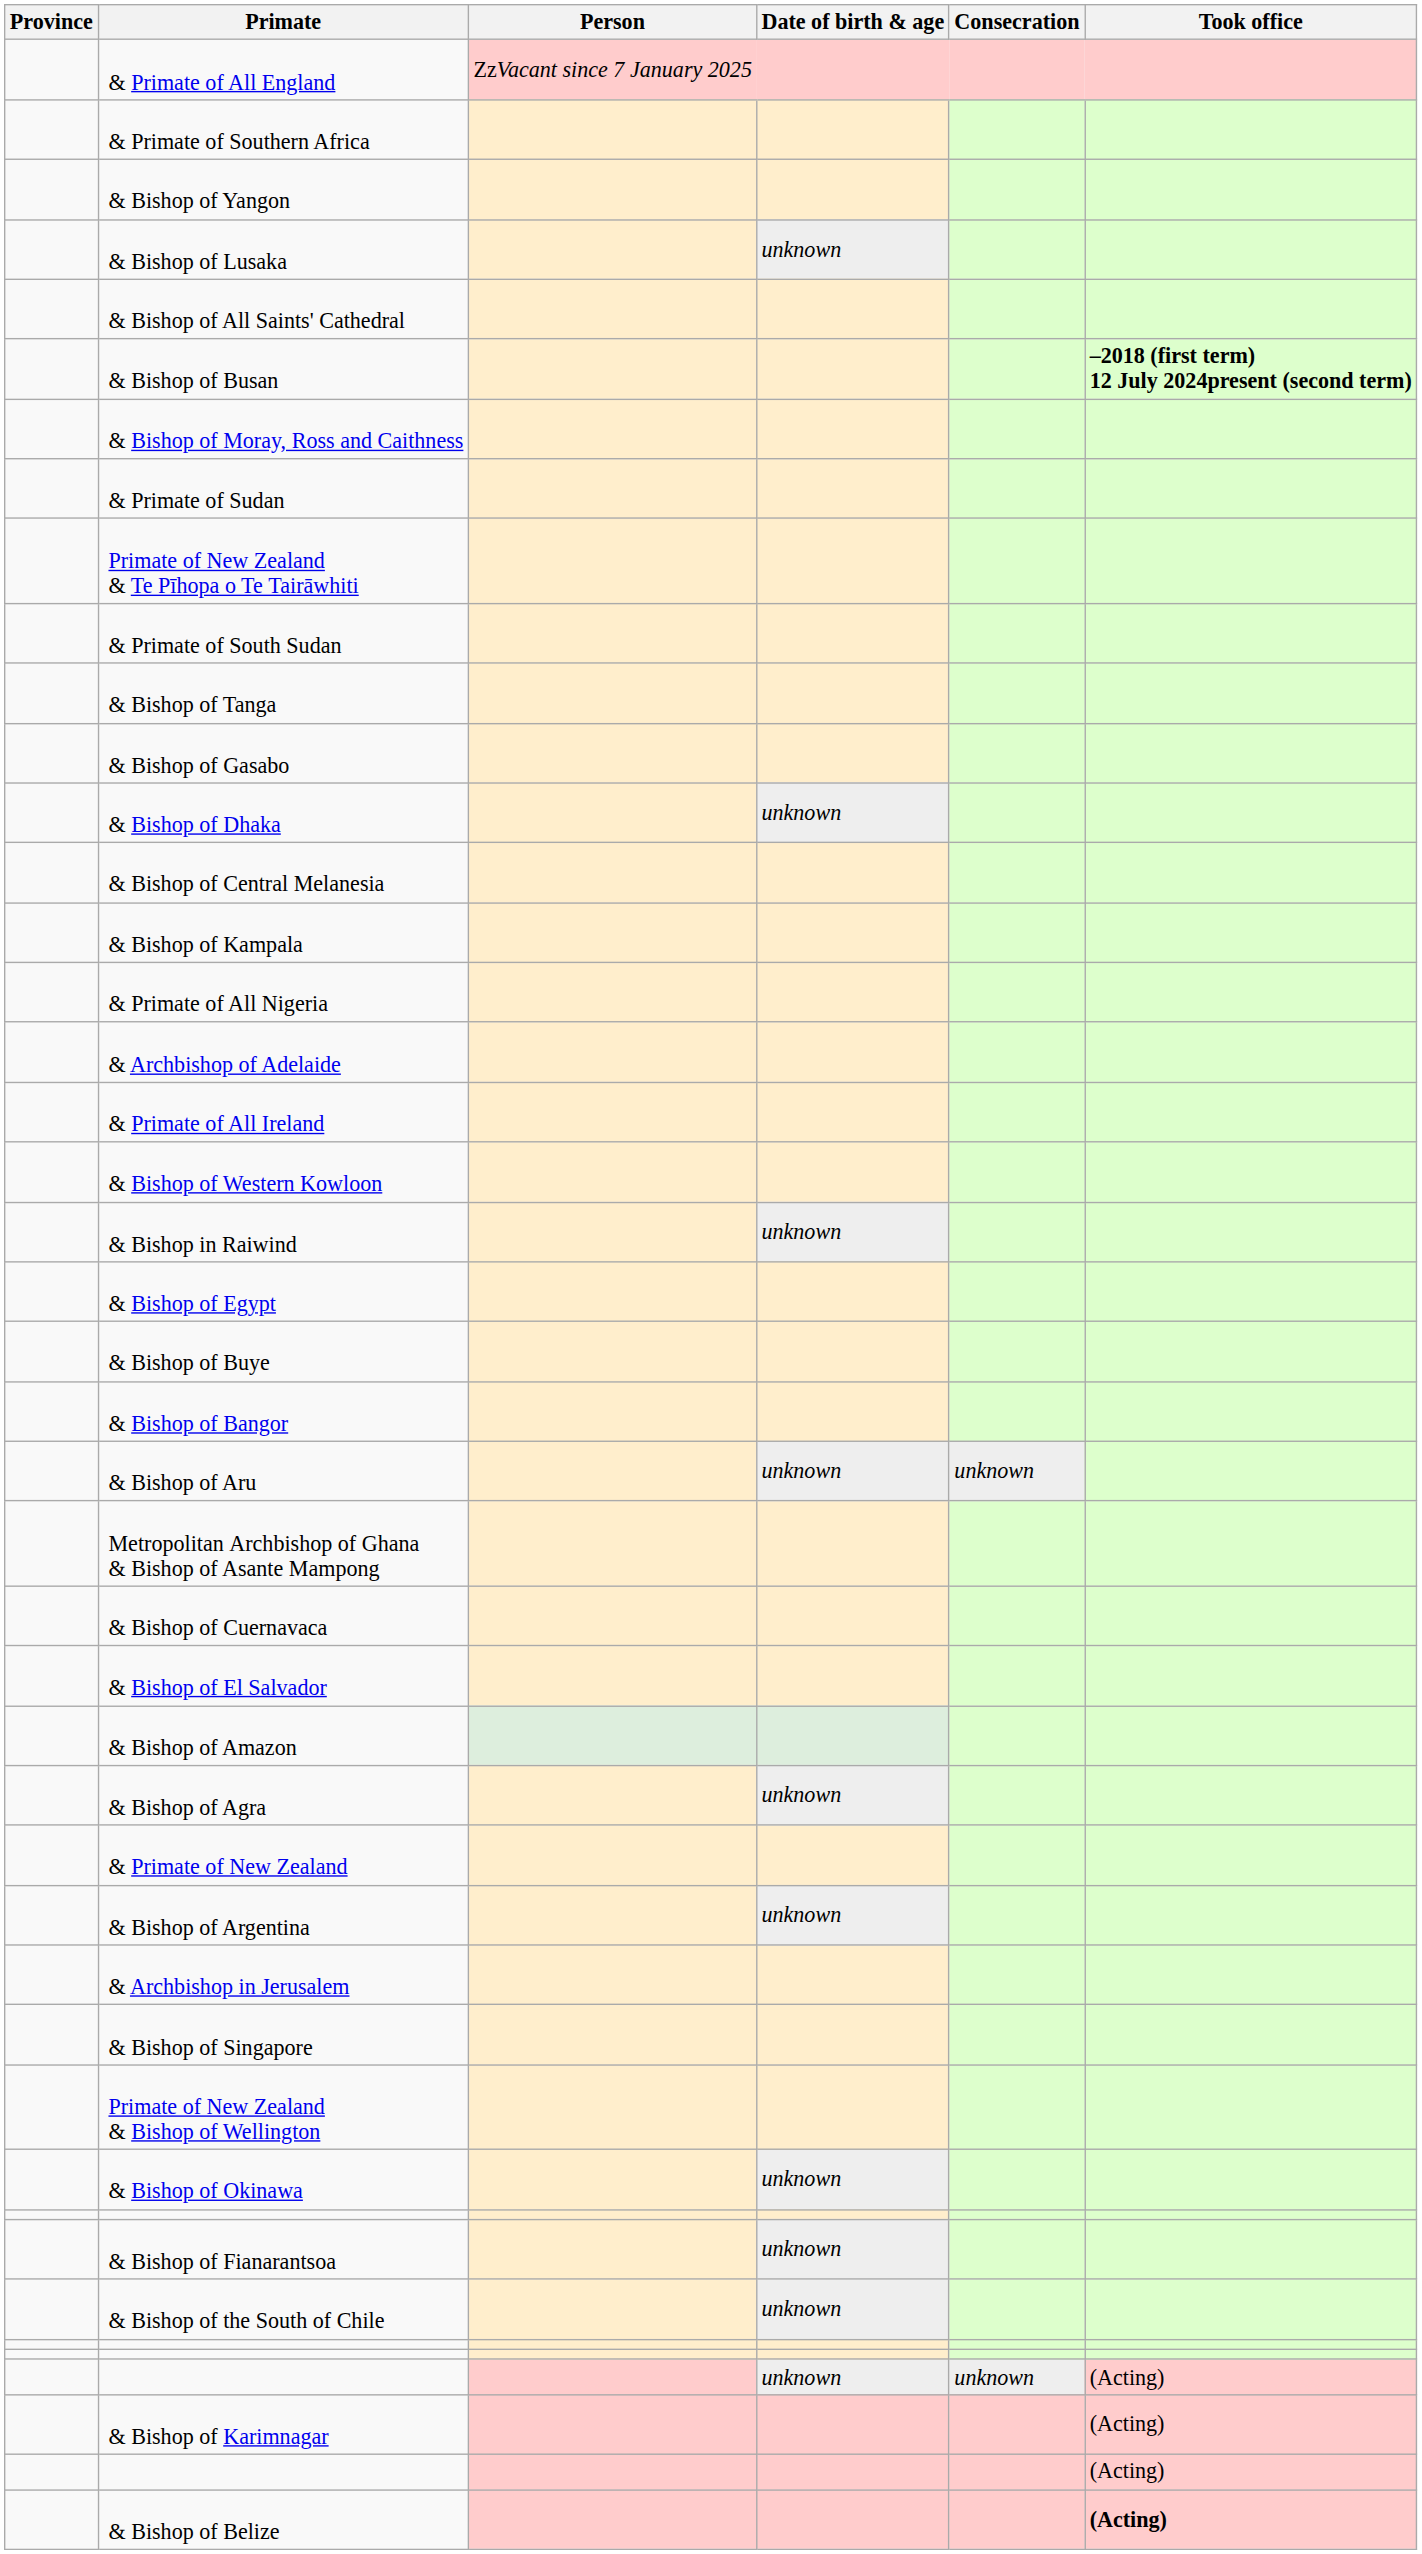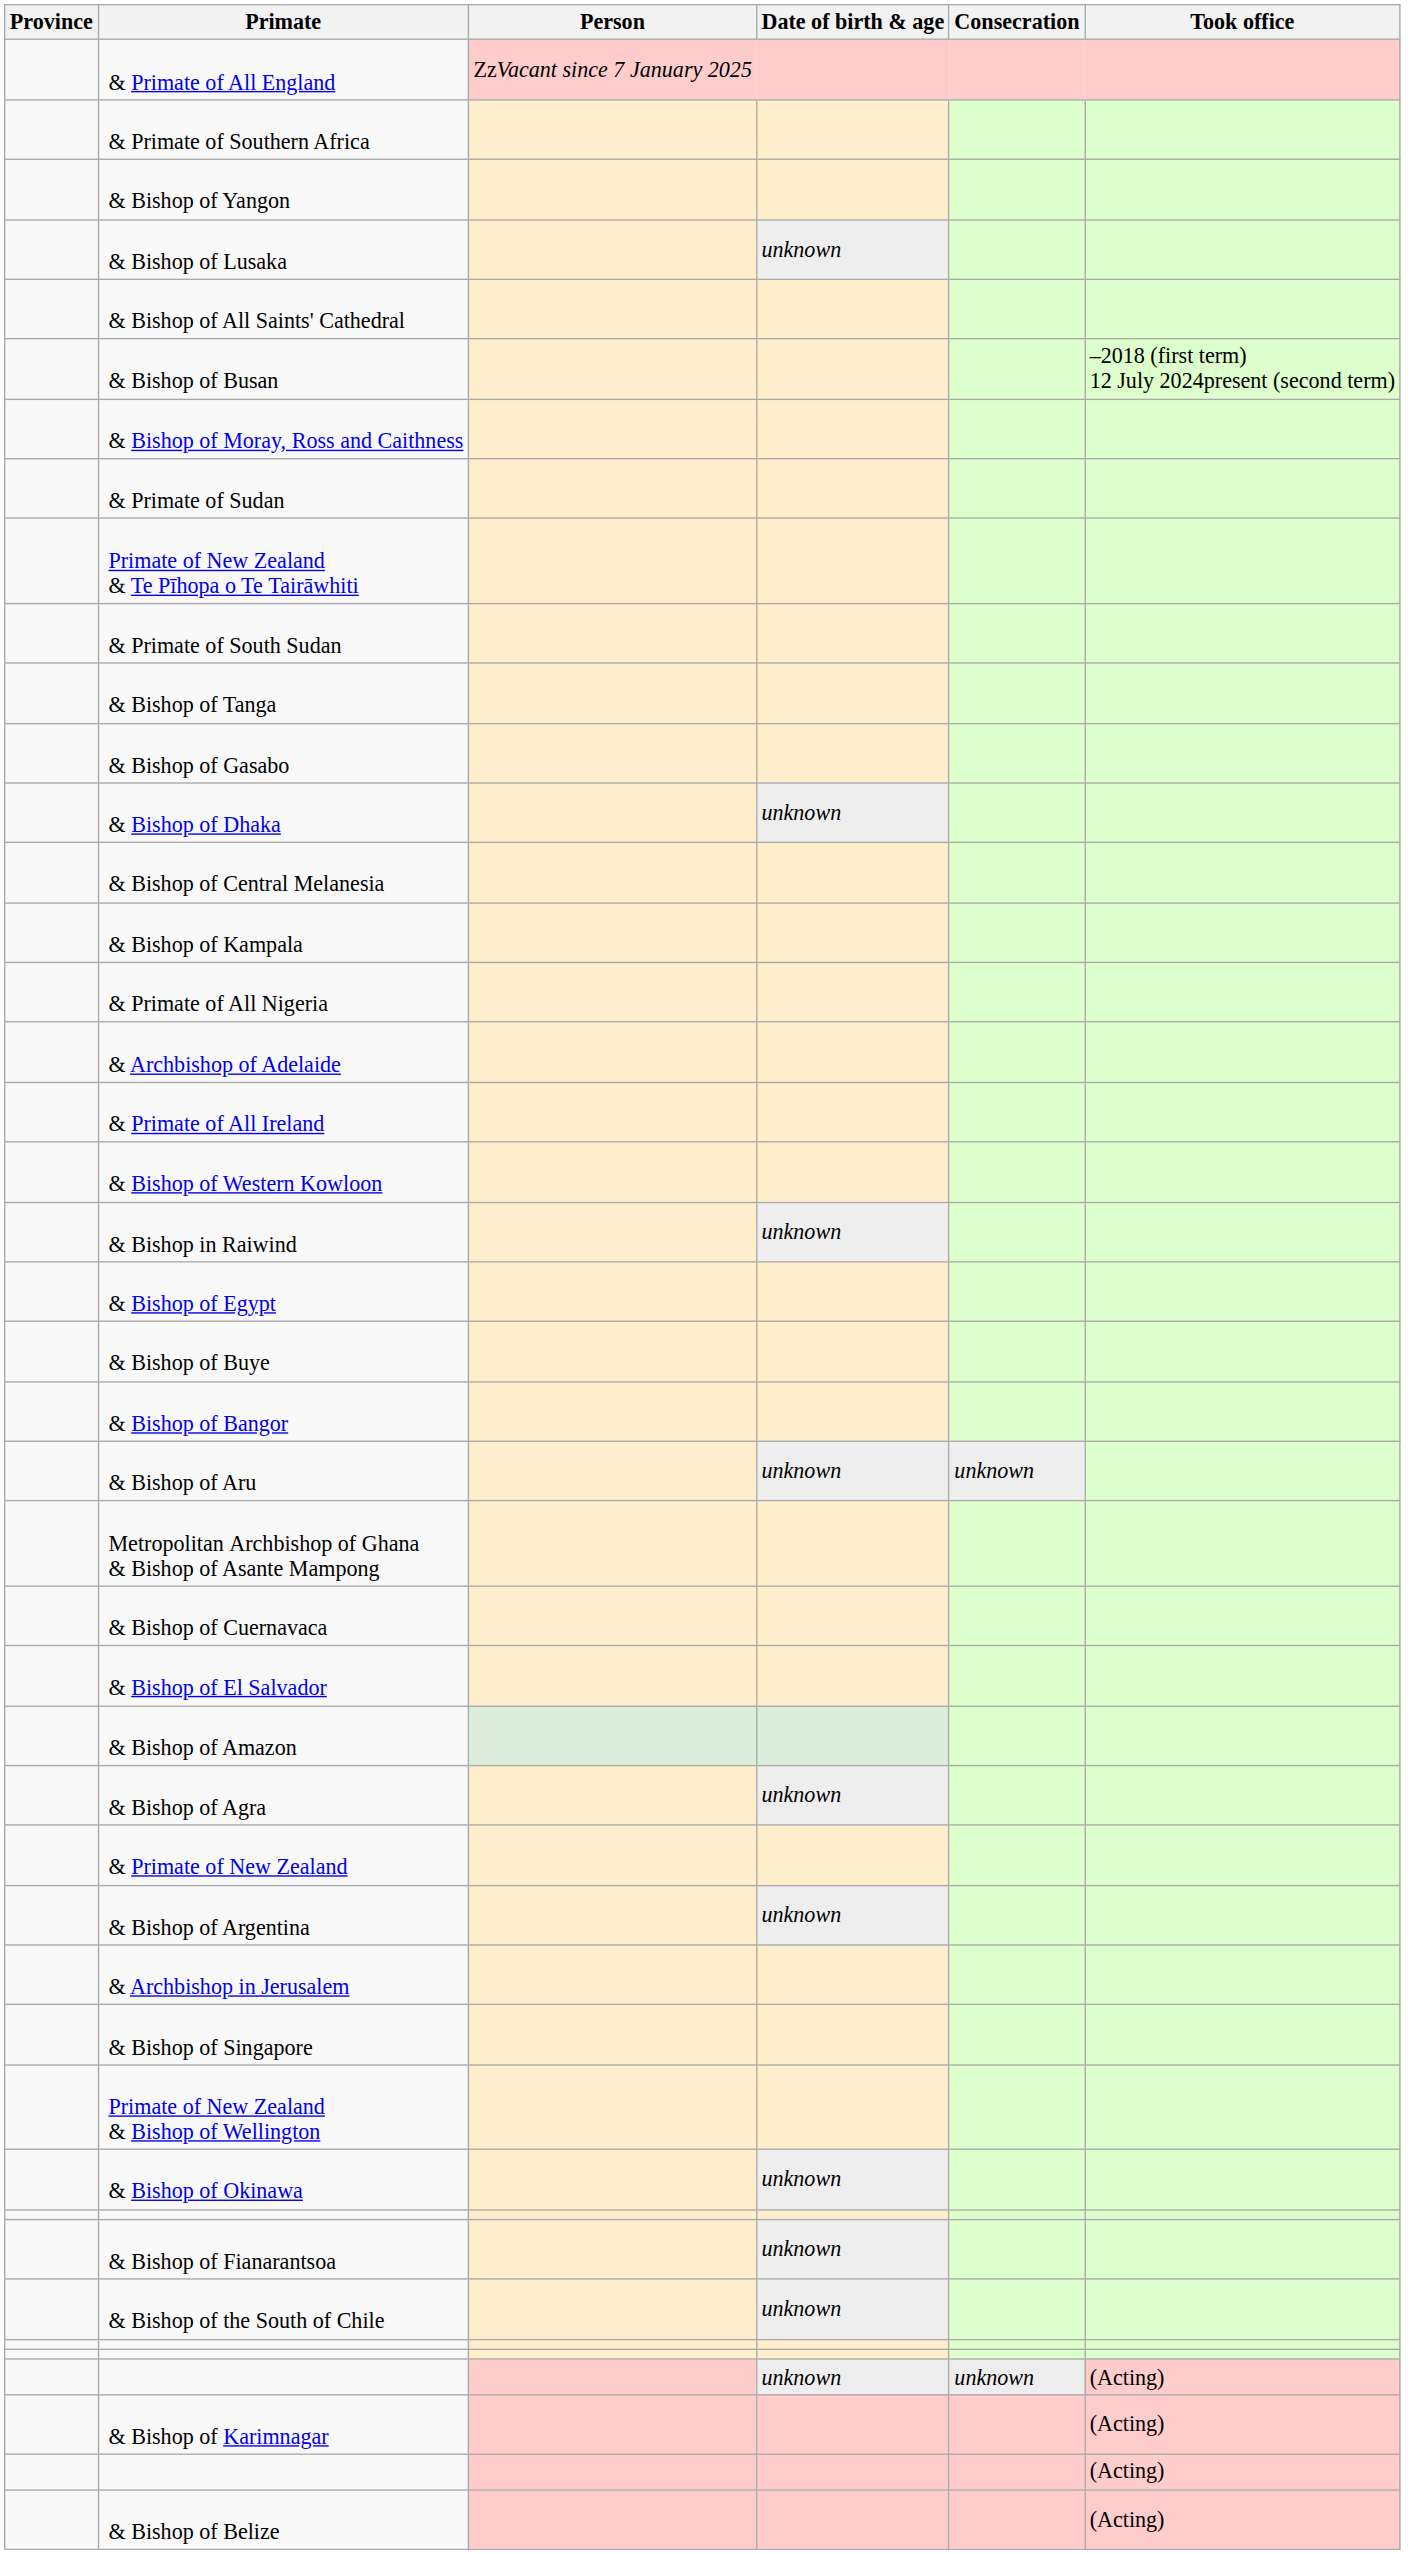 <table class="wikitable sortable">
 <tr>
 <th>Province</th>
 <th>Primate</th>
 <th>Person</th>
 <th>Date of birth & age</th>
 <th>Consecration</th>
 <th>Took office</th>
 </tr>
 <tr>
 <td></td>
 <td><br> & <a href='#'>Primate of All England</a></td>
 <td style="background: #FFCCCC;"><span>Zz</span><em>Vacant since 7 January 2025</em></td>
 <td style="background: #FFCCCC; border-left: 2px solid white; border-left-style: hidden;"><span></span></td>
 <td style="background: #FFCCCC; border-left: 2px solid white; border-left-style: hidden;"><span></span></td>
 <td style="background: #FFCCCC; border-left: 2px solid white; border-left-style: hidden;"><span></span></td>
 </tr>
 <tr>
 <td></td>
 <td><br> & Primate of Southern Africa</td>
 <td style="background:#fec;"></td>
 <td style="background:#fec;"></td>
 <td style="background:#dfc;"></td>
 <td style="background:#dfc;"></td>
 </tr>
 <tr>
 <td></td>
 <td><br> & Bishop of Yangon</td>
 <td style="background:#fec;"></td>
 <td style="background:#fec;"></td>
 <td style="background:#dfc;"></td>
 <td style="background:#dfc;"></td>
 </tr>
 <tr>
 <td></td>
 <td><br> & Bishop of Lusaka</td>
 <td style="background:#fec;"></td>
 <td style="background:#eee;"><em>unknown</em></td>
 <td style="background:#dfc;"></td>
 <td style="background:#dfc;"></td>
 </tr>
 <tr>
 <td></td>
 <td><br> & Bishop of All Saints' Cathedral</td>
 <td style="background:#fec;"></td>
 <td style="background:#fec;"></td>
 <td style="background:#dfc;"></td>
 <td style="background:#dfc;"></td>
 </tr>
 <tr>
 <td></td>
 <td><br> & Bishop of Busan</td>
 <td style="background:#fec;"></td>
 <td style="background:#fec;"></td>
 <td style="background:#dfc;"></td>
-<td style="background:#dfc;"><strong>–2018 (first term)<br>12 July 2024present (second term)</strong></td>
+<td style="background:#dfc;">–2018 (first term)<br>12 July 2024present (second term)</td>
 </tr>
 <tr>
 <td></td>
 <td><br> & <a href='#'>Bishop of Moray, Ross and Caithness</a></td>
 <td style="background:#fec;"></td>
 <td style="background:#fec;"></td>
 <td style="background:#dfc;"></td>
 <td style="background:#dfc;"></td>
 </tr>
 <tr>
 <td></td>
 <td><br> & Primate of Sudan</td>
 <td style="background:#fec;"></td>
 <td style="background:#fec;"></td>
 <td style="background:#dfc;"></td>
 <td style="background:#dfc;"></td>
 </tr>
 <tr>
 <td></td>
 <td><br> <a href='#'>Primate of New&nbsp;Zealand</a><br> & <a href='#'>Te&nbsp;Pīhopa o Te&nbsp;Tairāwhiti</a></td>
 <td style="background:#fec;"></td>
 <td style="background:#fec;"></td>
 <td style="background:#dfc;"></td>
 <td style="background:#dfc;"></td>
 </tr>
 <tr>
 <td></td>
 <td><br> & Primate of South Sudan</td>
 <td style="background:#fec;"></td>
 <td style="background:#fec;"></td>
 <td style="background:#dfc;"></td>
 <td style="background:#dfc;"></td>
 </tr>
 <tr>
 <td></td>
 <td><br> & Bishop of Tanga</td>
 <td style="background:#fec;"></td>
 <td style="background:#fec;"></td>
 <td style="background:#dfc;"></td>
 <td style="background:#dfc;"></td>
 </tr>
 <tr>
 <td></td>
 <td><br> & Bishop of Gasabo</td>
 <td style="background:#fec;"></td>
 <td style="background:#fec;"></td>
 <td style="background:#dfc;"></td>
 <td style="background:#dfc;"></td>
 </tr>
 <tr>
 <td></td>
 <td><br> & <a href='#'>Bishop of Dhaka</a></td>
 <td style="background:#fec;"></td>
 <td style="background:#eee;"><em>unknown</em></td>
 <td style="background:#dfc;"></td>
 <td style="background:#dfc;"></td>
 </tr>
 <tr>
 <td></td>
 <td><br> & Bishop of Central Melanesia</td>
 <td style="background:#fec;"></td>
 <td style="background:#fec;"></td>
 <td style="background:#dfc;"></td>
 <td style="background:#dfc;"></td>
 </tr>
 <tr>
 <td></td>
 <td><br> & Bishop of Kampala</td>
 <td style="background:#fec;"></td>
 <td style="background:#fec;"></td>
 <td style="background:#dfc;"></td>
 <td style="background:#dfc;"></td>
 </tr>
 <tr>
 <td></td>
 <td><br> & Primate of All Nigeria</td>
 <td style="background:#fec;"></td>
 <td style="background:#fec;"></td>
 <td style="background:#dfc;"></td>
 <td style="background:#dfc;"></td>
 </tr>
 <tr>
 <td></td>
 <td><br> & <a href='#'>Archbishop of Adelaide</a></td>
 <td style="background:#fec;"></td>
 <td style="background:#fec;"></td>
 <td style="background:#dfc;"></td>
 <td style="background:#dfc;"></td>
 </tr>
 <tr>
 <td></td>
 <td><br> & <a href='#'>Primate of All Ireland</a></td>
 <td style="background:#fec;"></td>
 <td style="background:#fec;"></td>
 <td style="background:#dfc;"></td>
 <td style="background:#dfc;"></td>
 </tr>
 <tr>
 <td></td>
 <td><br> & <a href='#'>Bishop of Western Kowloon</a></td>
 <td style="background:#fec;"></td>
 <td style="background:#fec;"></td>
 <td style="background:#dfc;"></td>
 <td style="background:#dfc;"></td>
 </tr>
 <tr>
 <td></td>
 <td><br> & Bishop in Raiwind</td>
 <td style="background:#fec;"></td>
 <td style="background:#eee;"><em>unknown</em></td>
 <td style="background:#dfc;"></td>
 <td style="background:#dfc;"></td>
 </tr>
 <tr>
 <td></td>
 <td><br> & <a href='#'>Bishop of Egypt</a></td>
 <td style="background:#fec;"></td>
 <td style="background:#fec;"></td>
 <td style="background:#dfc;"></td>
 <td style="background:#dfc;"></td>
 </tr>
 <tr>
 <td></td>
 <td><br> & Bishop of Buye</td>
 <td style="background:#fec;"></td>
 <td style="background:#fec;"></td>
 <td style="background:#dfc;"></td>
 <td style="background:#dfc;"></td>
 </tr>
 <tr>
 <td></td>
 <td><br> & <a href='#'>Bishop of Bangor</a></td>
 <td style="background:#fec;"></td>
 <td style="background:#fec;"></td>
 <td style="background:#dfc;"></td>
 <td style="background:#dfc;"></td>
 </tr>
 <tr>
 <td></td>
 <td><br> & Bishop of Aru</td>
 <td style="background:#fec;"></td>
 <td style="background:#eee;"><em>unknown</em></td>
 <td style="background:#eee;"><em>unknown</em></td>
 <td style="background:#dfc;"></td>
 </tr>
 <tr>
 <td></td>
 <td><br> Metropolitan Archbishop of Ghana<br> & Bishop of Asante Mampong</td>
 <td style="background:#fec;"></td>
 <td style="background:#fec;"></td>
 <td style="background:#dfc;"></td>
 <td style="background:#dfc;"></td>
 </tr>
 <tr>
 <td></td>
 <td><br> & Bishop of Cuernavaca</td>
 <td style="background:#fec;"></td>
 <td style="background:#fec;"></td>
 <td style="background:#dfc;"></td>
 <td style="background:#dfc;"></td>
 </tr>
 <tr>
 <td></td>
 <td><br> & <a href='#'>Bishop of El Salvador</a></td>
 <td style="background:#fec;"></td>
 <td style="background:#fec;"></td>
 <td style="background:#dfc;"></td>
 <td style="background:#dfc;"></td>
 </tr>
 <tr>
 <td></td>
 <td><br> & Bishop of Amazon</td>
 <td style="background:#ded;"></td>
 <td style="background:#ded;"></td>
 <td style="background:#dfc;"></td>
 <td style="background:#dfc;"></td>
 </tr>
 <tr>
 <td></td>
 <td><br> & Bishop of Agra</td>
 <td style="background:#fec;"></td>
 <td style="background:#eee;"><em>unknown</em></td>
 <td style="background:#dfc;"></td>
 <td style="background:#dfc;"></td>
 </tr>
 <tr>
 <td></td>
 <td><br> & <a href='#'>Primate of New&nbsp;Zealand</a></td>
 <td style="background:#fec;"></td>
 <td style="background:#fec;"></td>
 <td style="background:#dfc;"></td>
 <td style="background:#dfc;"></td>
 </tr>
 <tr>
 <td></td>
 <td><br> & Bishop of Argentina</td>
 <td style="background:#fec;"></td>
 <td style="background:#eee;"><em>unknown</em></td>
 <td style="background:#dfc;"></td>
 <td style="background:#dfc;"></td>
 </tr>
 <tr>
 <td></td>
 <td><br> & <a href='#'>Archbishop in Jerusalem</a></td>
 <td style="background:#fec;"></td>
 <td style="background:#fec;"></td>
 <td style="background:#dfc;"></td>
 <td style="background:#dfc;"></td>
 </tr>
 <tr>
 <td></td>
 <td><br> & Bishop of Singapore</td>
 <td style="background:#fec;"></td>
 <td style="background:#fec;"></td>
 <td style="background:#dfc;"></td>
 <td style="background:#dfc;"></td>
 </tr>
 <tr>
 <td></td>
 <td><br> <a href='#'>Primate of New&nbsp;Zealand</a><br> & <a href='#'>Bishop of Wellington</a></td>
 <td style="background:#fec;"></td>
 <td style="background:#fec;"></td>
 <td style="background:#dfc;"></td>
 <td style="background:#dfc;"></td>
 </tr>
 <tr>
 <td></td>
 <td><br> & <a href='#'>Bishop of Okinawa</a></td>
 <td style="background:#fec;"></td>
 <td style="background:#eee;"><em>unknown</em></td>
 <td style="background:#dfc;"></td>
 <td style="background:#dfc;"></td>
 </tr>
 <tr>
 <td></td>
 <td></td>
 <td style="background:#fec;"></td>
 <td style="background:#fec;"></td>
 <td style="background:#dfc;"></td>
 <td style="background:#dfc;"></td>
 </tr>
 <tr>
 <td></td>
 <td><br> & Bishop of Fianarantsoa</td>
 <td style="background:#fec;"></td>
 <td style="background:#eee;"><em>unknown</em></td>
 <td style="background:#dfc;"></td>
 <td style="background:#dfc;"></td>
 </tr>
 <tr>
 <td></td>
 <td><br> & Bishop of the South of Chile</td>
 <td style="background:#fec;"></td>
 <td style="background:#eee;"><em>unknown</em></td>
 <td style="background:#dfc;"></td>
 <td style="background:#dfc;"></td>
 </tr>
 <tr>
 <td></td>
 <td></td>
 <td style="background:#fec;"></td>
 <td style="background:#fec;"></td>
 <td style="background:#dfc;"></td>
 <td style="background:#dfc;"></td>
 </tr>
 <tr>
 <td></td>
 <td></td>
 <td style="background:#fec;"></td>
 <td style="background:#fec;"></td>
 <td style="background:#dfc;"></td>
 <td style="background:#dfc;"></td>
 </tr>
 <tr>
 <td></td>
 <td></td>
 <td style="background:#fcc;"></td>
 <td style="background:#eee;"><em>unknown</em></td>
 <td style="background:#eee;"><em>unknown</em></td>
 <td style="background:#fcc;"> (Acting)</td>
 </tr>
 <tr>
 <td></td>
 <td><br> & Bishop of <a href='#'>Karimnagar</a></td>
 <td style="background:#fcc;"></td>
 <td style="background:#fcc;"></td>
 <td style="background:#fcc;"></td>
 <td style="background:#fcc;"> (Acting)</td>
 </tr>
 <tr>
 <td></td>
 <td></td>
 <td style="background:#fcc;"></td>
 <td style="background:#fcc;"></td>
 <td style="background:#fcc;"></td>
 <td style="background:#fcc;"> (Acting)</td>
 </tr>
 <tr>
 <td></td>
 <td><br> & Bishop of Belize</td>
 <td style="background:#fcc;"></td>
 <td style="background:#fcc;"></td>
 <td style="background:#fcc;"></td>
-<td style="background:#fcc;"><strong> (Acting)</strong></td>
+<td style="background:#fcc;"> (Acting)</td>
 </tr>
 </table>
